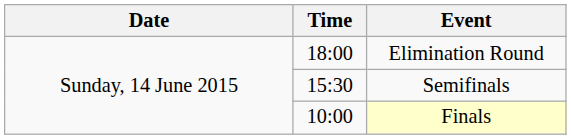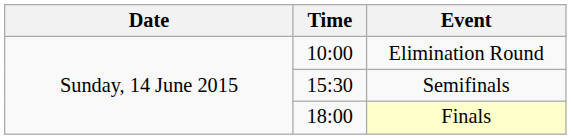 <table class = "wikitable" style="text-align:center;">
 <tr>
 <th width=220>Date</th>
 <th width=50>Time</th>
 <th width=150>Event</th>
 </tr>
 <tr>
 <td rowspan=3>Sunday, 14 June 2015</td>
-<td>18:00</td>
+<td>10:00</td>
 <td>Elimination Round</td>
 </tr>
 <tr>
 <td>15:30</td>
 <td>Semifinals</td>
 </tr>
 <tr>
-<td>10:00</td>
+<td>18:00</td>
 <td bgcolor=ffffcc>Finals</td>
 </tr>
 </table>
